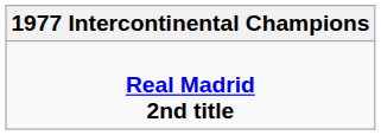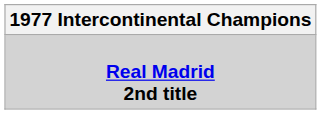 <table class=wikitable style="text-align:center; margin:auto">
 <tr>
 <th>1977 Intercontinental Champions</th>
 </tr>
 <tr>
-<td><br> <strong><a href='#'>Real Madrid</a></strong> <br> <strong>2nd title</strong></td>
+<td style="background: lightgrey;"><br> <strong><a href='#'>Real Madrid</a></strong> <br> <strong>2nd title</strong></td>
 </tr>
 </table>
